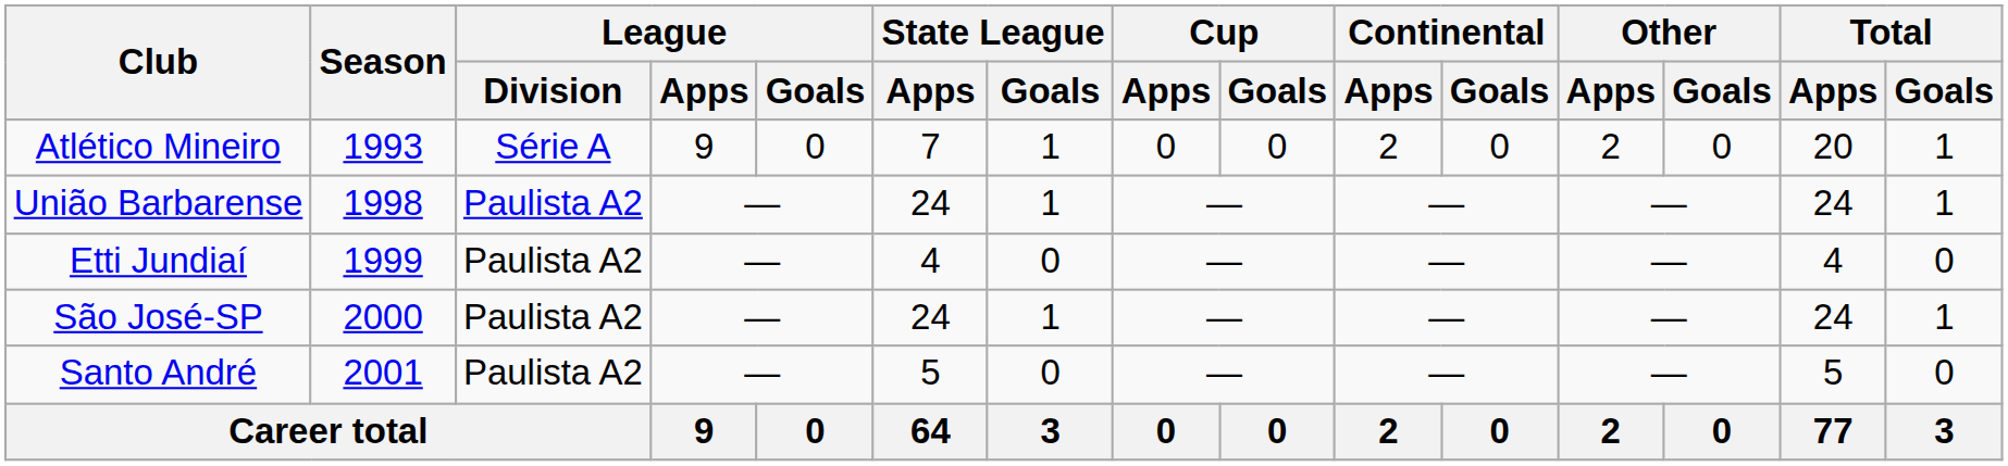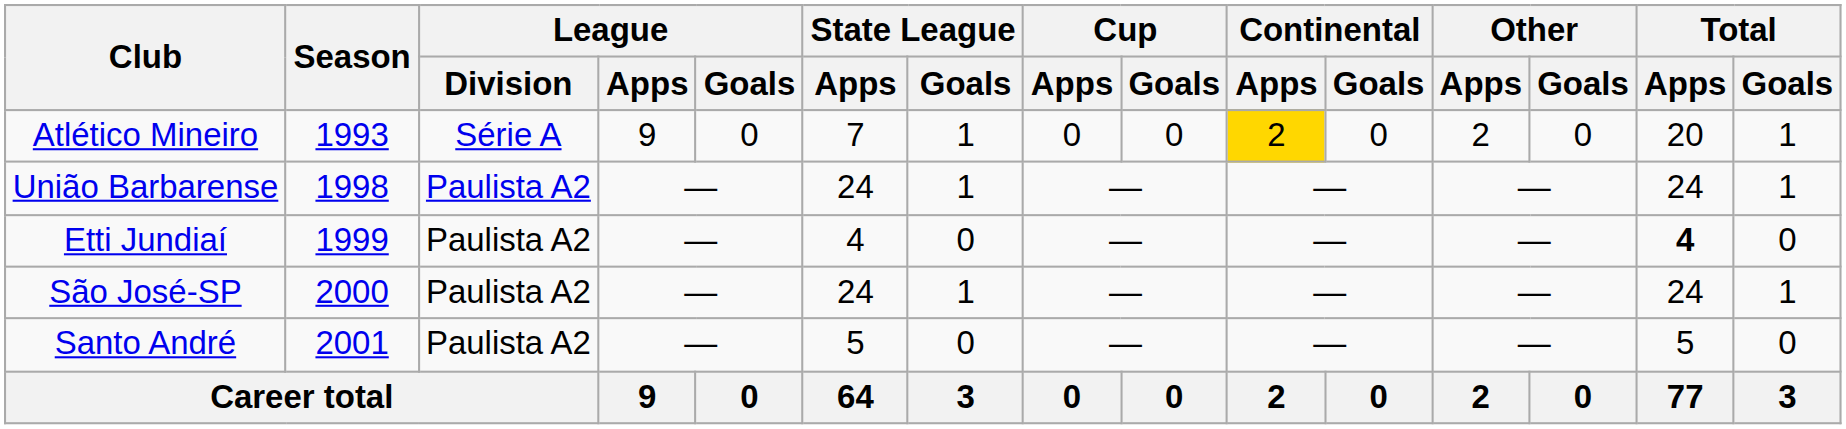 <table class="wikitable" style="text-align: center;">
 <tr>
 <th rowspan="2">Club</th>
 <th rowspan="2">Season</th>
 <th colspan="3">League</th>
 <th colspan="2">State League</th>
 <th colspan="2">Cup</th>
 <th colspan="2">Continental</th>
 <th colspan="2">Other</th>
 <th colspan="2">Total</th>
 </tr>
 <tr>
 <th>Division</th>
 <th>Apps</th>
 <th>Goals</th>
 <th>Apps</th>
 <th>Goals</th>
 <th>Apps</th>
 <th>Goals</th>
 <th>Apps</th>
 <th>Goals</th>
 <th>Apps</th>
 <th>Goals</th>
 <th>Apps</th>
 <th>Goals</th>
 </tr>
 <tr>
 <td valign="center"><a href='#'>Atlético Mineiro</a></td>
 <td><a href='#'>1993</a></td>
 <td><a href='#'>Série A</a></td>
 <td>9</td>
 <td>0</td>
 <td>7</td>
 <td>1</td>
 <td>0</td>
 <td>0</td>
-<td>2</td>
+<td style="background: gold;">2</td>
 <td>0</td>
 <td>2</td>
 <td>0</td>
 <td>20</td>
 <td>1</td>
 </tr>
 <tr>
 <td valign="center"><a href='#'>União Barbarense</a></td>
 <td><a href='#'>1998</a></td>
 <td><a href='#'>Paulista A2</a></td>
 <td colspan="2">—</td>
 <td>24</td>
 <td>1</td>
 <td colspan="2">—</td>
 <td colspan="2">—</td>
 <td colspan="2">—</td>
 <td>24</td>
 <td>1</td>
 </tr>
 <tr>
 <td valign="center"><a href='#'>Etti Jundiaí</a></td>
 <td><a href='#'>1999</a></td>
 <td>Paulista A2</td>
 <td colspan="2">—</td>
 <td>4</td>
 <td>0</td>
 <td colspan="2">—</td>
 <td colspan="2">—</td>
 <td colspan="2">—</td>
-<td>4</td>
+<td><strong>4</strong></td>
 <td>0</td>
 </tr>
 <tr>
 <td valign="center"><a href='#'>São José-SP</a></td>
 <td><a href='#'>2000</a></td>
 <td>Paulista A2</td>
 <td colspan="2">—</td>
 <td>24</td>
 <td>1</td>
 <td colspan="2">—</td>
 <td colspan="2">—</td>
 <td colspan="2">—</td>
 <td>24</td>
 <td>1</td>
 </tr>
 <tr>
 <td valign="center"><a href='#'>Santo André</a></td>
 <td><a href='#'>2001</a></td>
 <td>Paulista A2</td>
 <td colspan="2">—</td>
 <td>5</td>
 <td>0</td>
 <td colspan="2">—</td>
 <td colspan="2">—</td>
 <td colspan="2">—</td>
 <td>5</td>
 <td>0</td>
 </tr>
 <tr>
 <th colspan="3"><strong>Career total</strong></th>
 <th>9</th>
 <th>0</th>
 <th>64</th>
 <th>3</th>
 <th>0</th>
 <th>0</th>
 <th>2</th>
 <th>0</th>
 <th>2</th>
 <th>0</th>
 <th>77</th>
 <th>3</th>
 </tr>
 </table>
